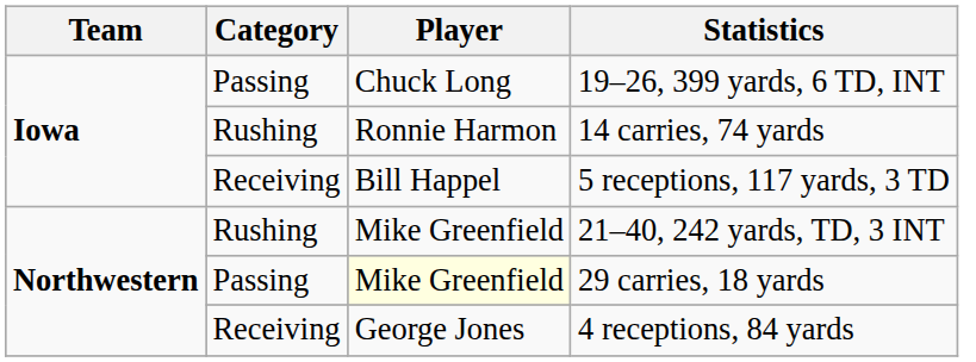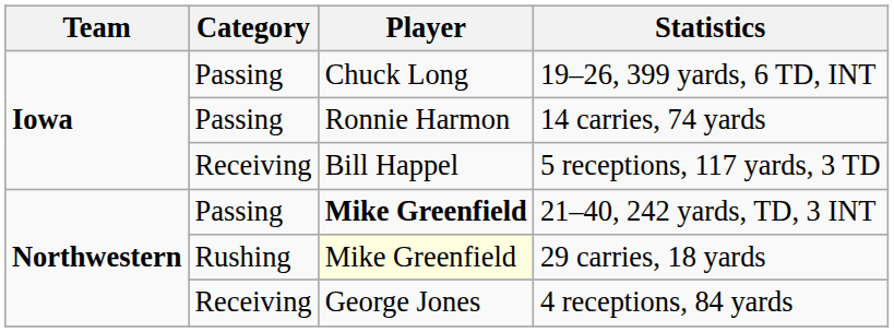 <table class="wikitable" style="float: left;">
 <tr>
 <th>Team</th>
 <th>Category</th>
 <th>Player</th>
 <th>Statistics</th>
 </tr>
 <tr>
 <td rowspan=3><strong>Iowa</strong></td>
 <td>Passing</td>
 <td>Chuck Long</td>
 <td>19–26, 399 yards, 6 TD, INT</td>
 </tr>
 <tr>
-<td>Rushing</td>
+<td>Passing</td>
 <td>Ronnie Harmon</td>
 <td>14 carries, 74 yards</td>
 </tr>
 <tr>
 <td>Receiving</td>
 <td>Bill Happel</td>
 <td>5 receptions, 117 yards, 3 TD</td>
 </tr>
 <tr>
 <td rowspan=3><strong>Northwestern</strong></td>
-<td>Rushing</td>
-<td>Mike Greenfield</td>
+<td>Passing</td>
+<td><strong>Mike Greenfield</strong></td>
 <td>21–40, 242 yards, TD, 3 INT</td>
 </tr>
 <tr>
-<td>Passing</td>
+<td>Rushing</td>
 <td style="background: lightyellow;">Mike Greenfield</td>
 <td>29 carries, 18 yards</td>
 </tr>
 <tr>
 <td>Receiving</td>
 <td>George Jones</td>
 <td>4 receptions, 84 yards</td>
 </tr>
 </table>
